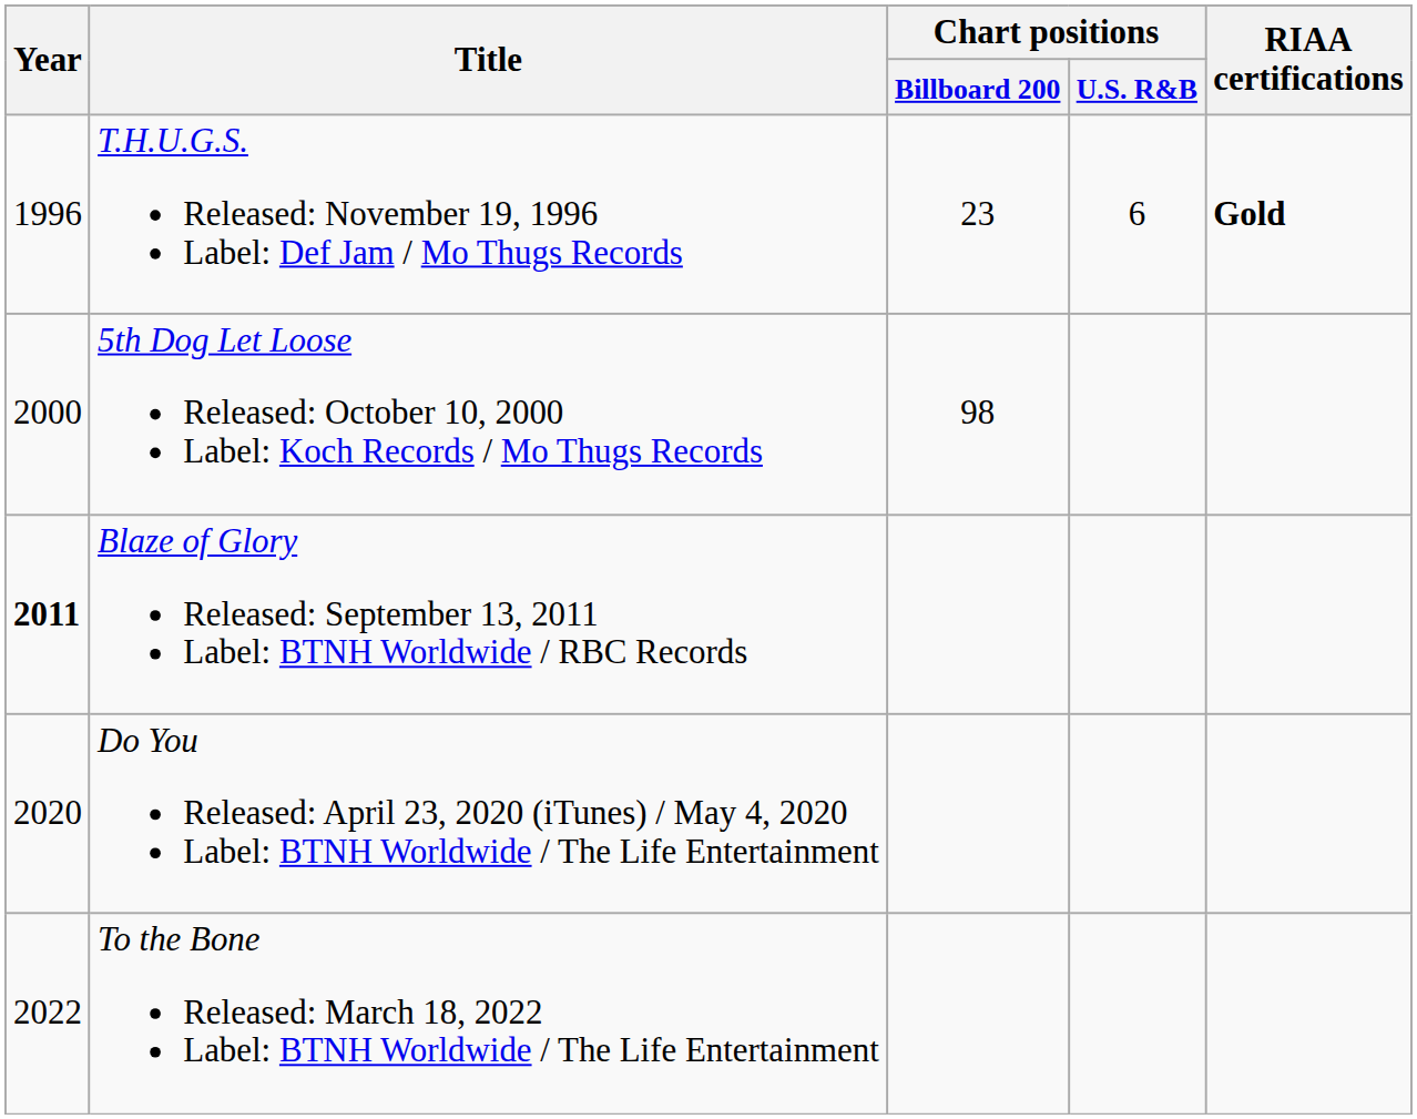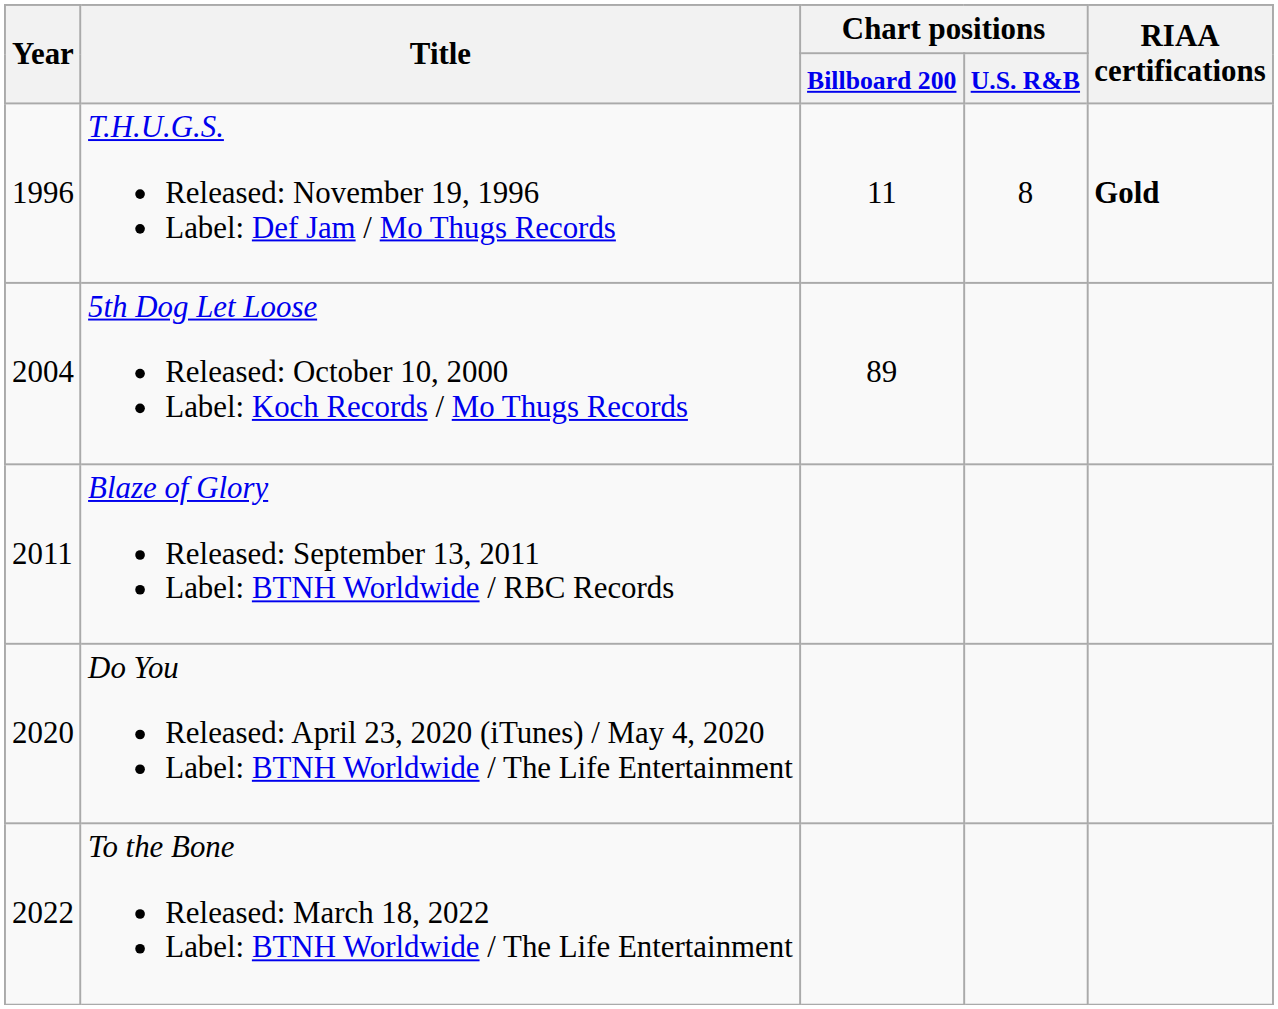 <table class="wikitable">
 <tr>
 <th rowspan="2">Year</th>
 <th rowspan="2">Title</th>
 <th colspan="2">Chart positions</th>
 <th rowspan="2">RIAA<br>certifications</th>
 </tr>
 <tr>
 <th><small><a href='#'>Billboard 200</a></small></th>
 <th><small><a href='#'>U.S. R&B</a></small></th>
 </tr>
 <tr>
 <td>1996</td>
 <td><em><a href='#'>T.H.U.G.S.</a></em><br><ul><li>Released: November 19, 1996</li><li>Label: <a href='#'>Def Jam</a> / <a href='#'>Mo Thugs Records</a></li></ul></td>
-<td align="center">23</td>
-<td align="center">6</td>
+<td align="center">11</td>
+<td align="center">8</td>
 <td><strong>Gold</strong></td>
 </tr>
 <tr>
-<td>2000</td>
+<td>2004</td>
 <td><em><a href='#'>5th Dog Let Loose</a></em><br><ul><li>Released: October 10, 2000</li><li>Label: <a href='#'>Koch Records</a> / <a href='#'>Mo Thugs Records</a></li></ul></td>
-<td align="center">98</td>
+<td align="center">89</td>
 <td></td>
 <td></td>
 </tr>
 <tr>
-<td><strong>2011</strong></td>
+<td>2011</td>
 <td><em><a href='#'>Blaze of Glory</a></em><br><ul><li>Released: September 13, 2011</li><li>Label: <a href='#'>BTNH Worldwide</a> / RBC Records</li></ul></td>
 <td align="center"></td>
 <td></td>
 <td></td>
 </tr>
 <tr>
 <td>2020</td>
 <td><em>Do You</em> <br><ul><li>Released: April 23, 2020 (iTunes) / May 4, 2020</li><li>Label: <a href='#'>BTNH Worldwide</a> / The Life Entertainment</li></ul></td>
 <td></td>
 <td></td>
 <td></td>
 </tr>
 <tr>
 <td>2022</td>
 <td><em>To the Bone</em><br><ul><li>Released: March 18, 2022</li><li>Label: <a href='#'>BTNH Worldwide</a> / The Life Entertainment</li></ul></td>
 <td></td>
 <td></td>
 <td></td>
 </tr>
 </table>
